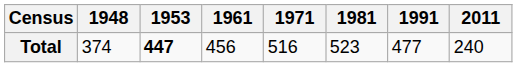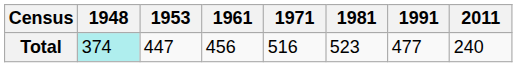 <table class="wikitable" border="1">
 <tr>
 <th>Census</th>
 <th style=width:3em>1948</th>
 <th style=width:3em>1953</th>
 <th style=width:3em>1961</th>
 <th style=width:3em>1971</th>
 <th style=width:3em>1981</th>
 <th style=width:3em>1991</th>
 <th style=width:3em>2011</th>
 </tr>
 <tr>
 <th>Total</th>
-<td>374</td>
-<td><strong>447</strong></td>
+<td style="background: paleturquoise;">374</td>
+<td>447</td>
 <td>456</td>
 <td>516</td>
 <td>523</td>
 <td>477</td>
 <td>240</td>
 </tr>
 </table>
